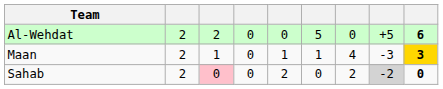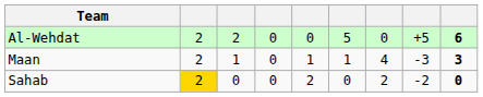 <table class="wikitable" style="text-align: center;">
 <tr>
 <th width="165">Team</th>
 <th width="30"></th>
 <th width="30"></th>
 <th width="30"></th>
 <th width="30"></th>
 <th width="30"></th>
 <th width="30"></th>
 <th width="30"></th>
 <th width="30"></th>
 </tr>
 <tr bgcolor="#ccffcc">
 <td align="left">Al-Wehdat</td>
 <td>2</td>
 <td>2</td>
 <td>0</td>
 <td>0</td>
 <td>5</td>
 <td>0</td>
 <td>+5</td>
 <td><strong>6</strong></td>
 </tr>
 <tr>
 <td align="left">Maan</td>
 <td>2</td>
 <td>1</td>
 <td>0</td>
 <td>1</td>
 <td>1</td>
 <td>4</td>
 <td>-3</td>
-<td style="background: gold;"><strong>3</strong></td>
+<td><strong>3</strong></td>
 </tr>
 <tr>
 <td align="left">Sahab</td>
-<td>2</td>
-<td style="background: pink;">0</td>
+<td style="background: gold;">2</td>
+<td>0</td>
 <td>0</td>
 <td>2</td>
 <td>0</td>
 <td>2</td>
-<td style="background: lightgrey;">-2</td>
+<td>-2</td>
 <td><strong>0</strong></td>
 </tr>
 </table>
